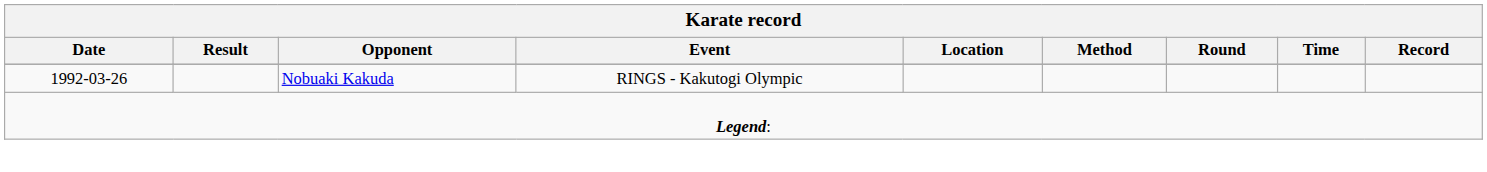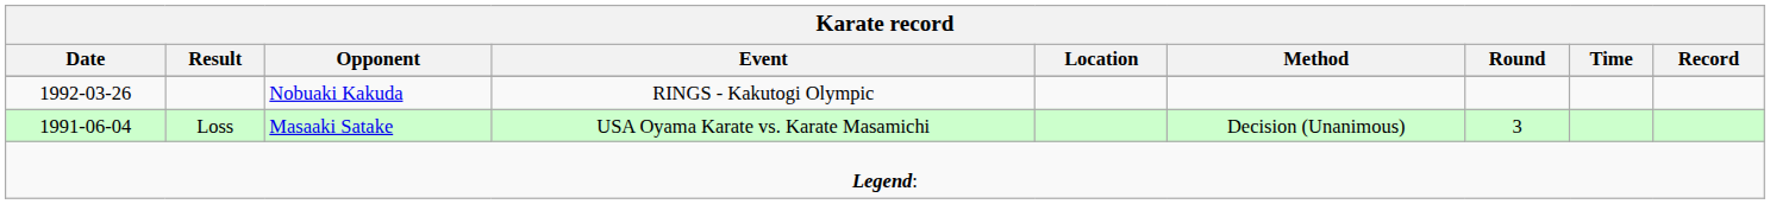 <table class="wikitable collapsible" style="width:100%; font-size:88%; text-align:center;">
 <tr>
 <th colspan=9 style="font-size:116%">Karate record</th>
 </tr>
 <tr>
 <th>Date</th>
 <th>Result</th>
 <th>Opponent</th>
 <th>Event</th>
 <th>Location</th>
 <th>Method</th>
 <th>Round</th>
 <th>Time</th>
 <th>Record</th>
 </tr>
 <tr>
 </tr>
 <tr bgcolor="">
 <td>1992-03-26</td>
 <td></td>
 <td align=left> <a href='#'>Nobuaki Kakuda</a></td>
 <td>RINGS - Kakutogi Olympic</td>
 <td></td>
 <td></td>
 <td></td>
 <td></td>
 <td></td>
 </tr>
+<tr bgcolor="#CCFFCC">
+<td>1991-06-04</td>
+<td>Loss</td>
+<td align=left> <a href='#'>Masaaki Satake</a></td>
+<td>USA Oyama Karate vs. Karate Masamichi</td>
+<td></td>
+<td>Decision (Unanimous)</td>
+<td>3</td>
+<td></td>
+<td></td>
+</tr>
 <tr>
 <td colspan=9><br><strong><em>Legend</em></strong>:    </td>
 </tr>
 </table>
